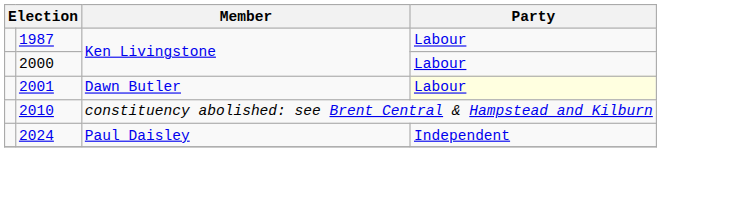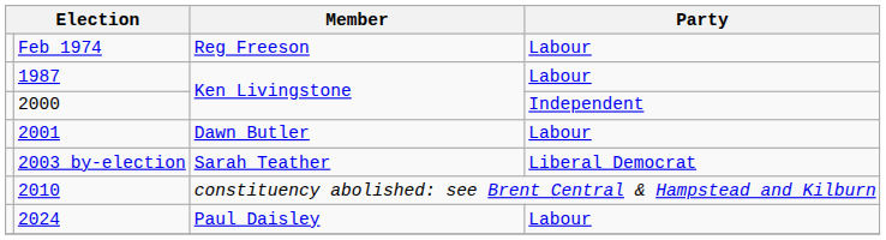 <table class="wikitable">
 <tr>
 <th colspan="2">Election</th>
 <th>Member </th>
 <th>Party</th>
+</tr>
+<tr>
+<td style="color:inherit;background-color: "></td>
+<td><a href='#'>Feb 1974</a></td>
+<td><a href='#'>Reg Freeson</a></td>
+<td><a href='#'>Labour</a></td>
 </tr>
 <tr>
 <td style="color:inherit;background-color: "></td>
 <td><a href='#'>1987</a></td>
 <td rowspan="2"><a href='#'>Ken Livingstone</a></td>
 <td><a href='#'>Labour</a></td>
 </tr>
 <tr>
 <td style="color:inherit;background-color: "></td>
 <td>2000</td>
-<td><a href='#'>Labour</a></td>
+<td><a href='#'>Independent</a></td>
 </tr>
 <tr>
 <td style="color:inherit;background-color: "></td>
 <td><a href='#'>2001</a></td>
 <td><a href='#'>Dawn Butler</a></td>
-<td style="background: lightyellow;"><a href='#'>Labour</a></td>
+<td><a href='#'>Labour</a></td>
+</tr>
+<tr>
+<td style="color:inherit;background-color: "></td>
+<td><a href='#'>2003 by-election</a></td>
+<td><a href='#'>Sarah Teather</a></td>
+<td><a href='#'>Liberal Democrat</a></td>
 </tr>
 <tr>
 <td></td>
 <td><a href='#'>2010</a></td>
 <td colspan="2"><em>constituency abolished: see <a href='#'>Brent Central</a> & <a href='#'>Hampstead and Kilburn</a></em></td>
 </tr>
 <tr>
 <td style="color:inherit;background-color: "></td>
 <td><a href='#'>2024</a></td>
 <td><a href='#'>Paul Daisley</a></td>
-<td><a href='#'>Independent</a></td>
+<td><a href='#'>Labour</a></td>
 </tr>
 <tr>
 </tr>
 </table>
